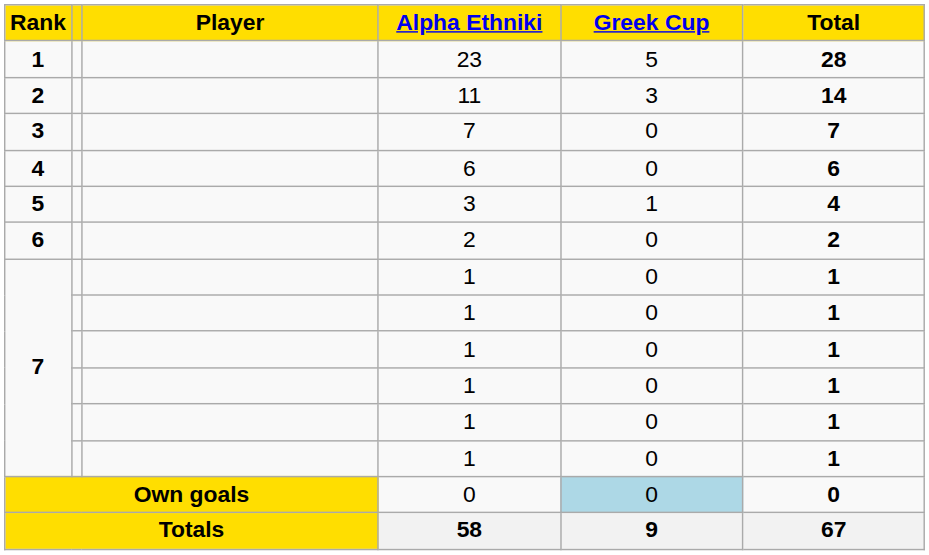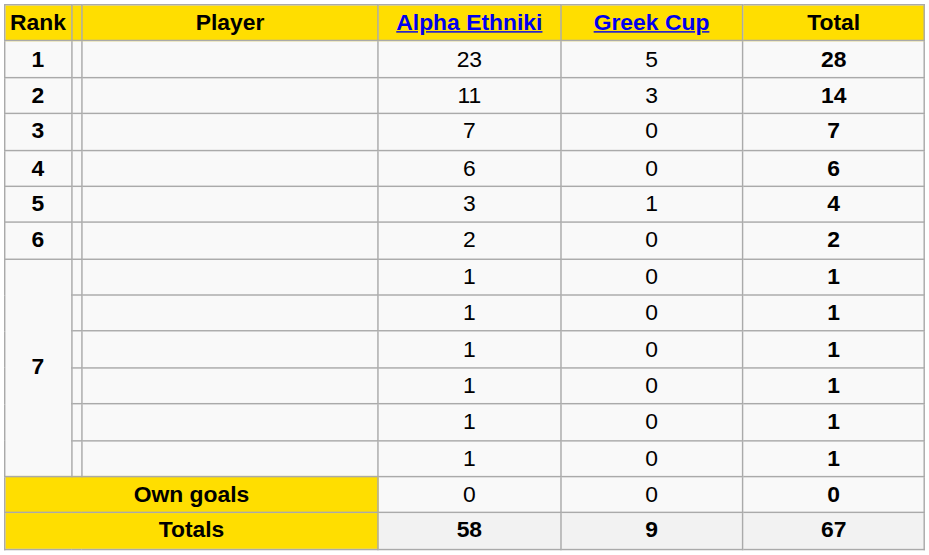 <table class="wikitable sortable" style="text-align: center">
 <tr>
 <th style="background:#FFDE00">Rank</th>
 <th style="background:#FFDE00"></th>
 <th width=200 style="background:#FFDE00">Player</th>
 <th width=120 style="background:#FFDE00"><a href='#'>Alpha Ethniki</a></th>
 <th width=120 style="background:#FFDE00"><a href='#'>Greek Cup</a></th>
 <th width=120 style="background:#FFDE00">Total</th>
 </tr>
 <tr>
 <td><strong>1</strong></td>
 <td></td>
 <td align=left></td>
 <td>23</td>
 <td>5</td>
 <td><strong>28</strong></td>
 </tr>
 <tr>
 <td><strong>2</strong></td>
 <td></td>
 <td align=left></td>
 <td>11</td>
 <td>3</td>
 <td><strong>14</strong></td>
 </tr>
 <tr>
 <td><strong>3</strong></td>
 <td></td>
 <td align=left></td>
 <td>7</td>
 <td>0</td>
 <td><strong>7</strong></td>
 </tr>
 <tr>
 <td><strong>4</strong></td>
 <td></td>
 <td align=left></td>
 <td>6</td>
 <td>0</td>
 <td><strong>6</strong></td>
 </tr>
 <tr>
 <td><strong>5</strong></td>
 <td></td>
 <td align=left></td>
 <td>3</td>
 <td>1</td>
 <td><strong>4</strong></td>
 </tr>
 <tr>
 <td><strong>6</strong></td>
 <td></td>
 <td align=left></td>
 <td>2</td>
 <td>0</td>
 <td><strong>2</strong></td>
 </tr>
 <tr>
 <td rowspan=6><strong>7</strong></td>
 <td></td>
 <td align=left></td>
 <td>1</td>
 <td>0</td>
 <td><strong>1</strong></td>
 </tr>
 <tr>
 <td></td>
 <td align=left></td>
 <td>1</td>
 <td>0</td>
 <td><strong>1</strong></td>
 </tr>
 <tr>
 <td></td>
 <td align=left></td>
 <td>1</td>
 <td>0</td>
 <td><strong>1</strong></td>
 </tr>
 <tr>
 <td></td>
 <td align=left></td>
 <td>1</td>
 <td>0</td>
 <td><strong>1</strong></td>
 </tr>
 <tr>
 <td></td>
 <td align=left></td>
 <td>1</td>
 <td>0</td>
 <td><strong>1</strong></td>
 </tr>
 <tr>
 <td></td>
 <td align=left></td>
 <td>1</td>
 <td>0</td>
 <td><strong>1</strong></td>
 </tr>
 <tr class="sortbottom">
 <td colspan=3 style="background:#FFDE00"><strong>Own goals</strong></td>
 <td>0</td>
-<td style="background: lightblue;">0</td>
+<td>0</td>
 <td><strong>0</strong></td>
 </tr>
 <tr class="sortbottom">
 <th colspan=3 style="background:#FFDE00"><strong>Totals</strong></th>
 <th><strong>58</strong></th>
 <th><strong> 9</strong></th>
 <th><strong>67</strong></th>
 </tr>
 </table>
